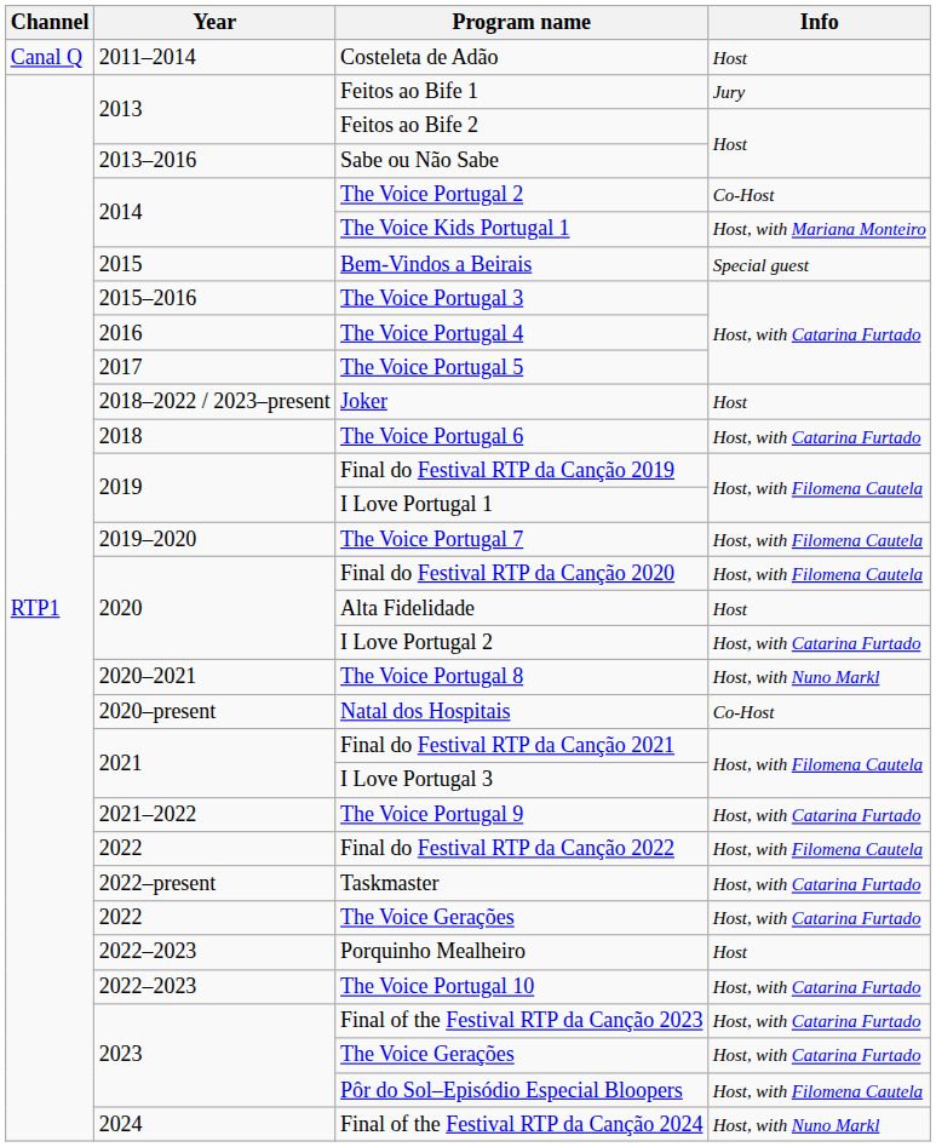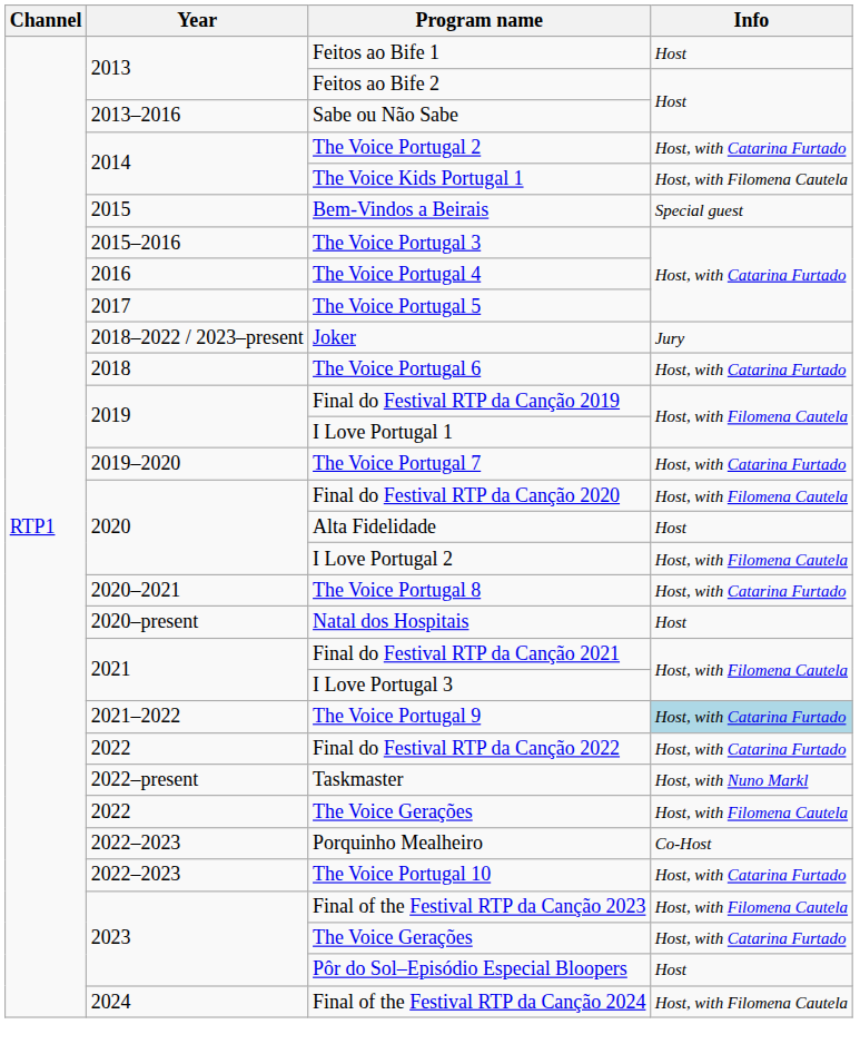 <table class="wikitable">
 <tr>
 <th>Channel</th>
 <th>Year</th>
 <th>Program name</th>
 <th>Info</th>
 </tr>
 <tr>
-<td><a href='#'>Canal Q</a></td>
-<td>2011–2014</td>
-<td>Costeleta de Adão</td>
-<td><em><small>Host</small></em></td>
-</tr>
-<tr>
 <td rowspan="31"><a href='#'>RTP1</a></td>
 <td rowspan="2">2013</td>
 <td>Feitos ao Bife 1</td>
-<td><em><small>Jury</small></em></td>
+<td><em><small>Host</small></em></td>
 </tr>
 <tr>
 <td>Feitos ao Bife 2</td>
 <td rowspan="2"><em><small>Host</small></em></td>
 </tr>
 <tr>
 <td>2013–2016</td>
 <td>Sabe ou Não Sabe</td>
 </tr>
 <tr>
 <td rowspan="2">2014</td>
 <td><a href='#'>The Voice Portugal 2</a></td>
-<td><em><small>Co-Host</small></em></td>
+<td><em><small>Host, with <a href='#'>Catarina Furtado</a></small></em></td>
 </tr>
 <tr>
 <td><a href='#'>The Voice Kids Portugal 1</a></td>
-<td><em><small>Host, with <a href='#'>Mariana Monteiro</a></small></em></td>
+<td><em><small>Host, with Filomena Cautela</small></em></td>
 </tr>
 <tr>
 <td>2015</td>
 <td><a href='#'>Bem-Vindos a Beirais</a></td>
 <td><em><small>Special guest</small></em></td>
 </tr>
 <tr>
 <td>2015–2016</td>
 <td><a href='#'>The Voice Portugal 3</a></td>
 <td rowspan="3"><em><small>Host, with <a href='#'>Catarina Furtado</a></small></em></td>
 </tr>
 <tr>
 <td>2016</td>
 <td><a href='#'>The Voice Portugal 4</a></td>
 </tr>
 <tr>
 <td>2017</td>
 <td><a href='#'>The Voice Portugal 5</a></td>
 </tr>
 <tr>
 <td>2018–2022 / 2023–present</td>
 <td><a href='#'>Joker</a></td>
-<td><em><small>Host</small></em></td>
+<td><em><small>Jury</small></em></td>
 </tr>
 <tr>
 <td>2018</td>
 <td><a href='#'>The Voice Portugal 6</a></td>
 <td><em><small>Host, with <a href='#'>Catarina Furtado</a></small></em></td>
 </tr>
 <tr>
 <td rowspan="2">2019</td>
 <td>Final do <a href='#'>Festival RTP da Canção 2019</a></td>
 <td rowspan="2"><em><small>Host, with <a href='#'>Filomena Cautela</a></small></em></td>
 </tr>
 <tr>
 <td>I Love Portugal 1</td>
 </tr>
 <tr>
 <td>2019–2020</td>
 <td><a href='#'>The Voice Portugal 7</a></td>
-<td><em><small>Host, with <a href='#'>Filomena Cautela</a></small></em></td>
+<td><em><small>Host, with <a href='#'>Catarina Furtado</a></small></em></td>
 </tr>
 <tr>
 <td rowspan="3">2020</td>
 <td>Final do <a href='#'>Festival RTP da Canção 2020</a></td>
 <td><em><small>Host, with <a href='#'>Filomena Cautela</a></small></em></td>
 </tr>
 <tr>
 <td>Alta Fidelidade</td>
 <td><em><small>Host</small></em></td>
 </tr>
 <tr>
 <td>I Love Portugal 2</td>
-<td><em><small>Host, with <a href='#'>Catarina Furtado</a></small></em></td>
+<td><em><small>Host, with <a href='#'>Filomena Cautela</a></small></em></td>
 </tr>
 <tr>
 <td>2020–2021</td>
 <td><a href='#'>The Voice Portugal 8</a></td>
-<td><em><small>Host, with <a href='#'>Nuno Markl</a></small></em></td>
+<td><em><small>Host, with <a href='#'>Catarina Furtado</a></small></em></td>
 </tr>
 <tr>
 <td>2020–present</td>
 <td><a href='#'>Natal dos Hospitais</a></td>
-<td><em><small>Co-Host</small></em></td>
+<td><em><small>Host</small></em></td>
 </tr>
 <tr>
 <td rowspan="2">2021</td>
 <td>Final do <a href='#'>Festival RTP da Canção 2021</a></td>
 <td rowspan="2'"><em><small>Host, with <a href='#'>Filomena Cautela</a></small></em></td>
 </tr>
 <tr>
 <td>I Love Portugal 3</td>
 </tr>
 <tr>
 <td>2021–2022</td>
 <td><a href='#'>The Voice Portugal 9</a></td>
-<td><em><small>Host, with <a href='#'>Catarina Furtado</a></small></em></td>
+<td style="background: lightblue;"><em><small>Host, with <a href='#'>Catarina Furtado</a></small></em></td>
 </tr>
 <tr>
 <td>2022</td>
 <td>Final do <a href='#'>Festival RTP da Canção 2022</a></td>
-<td><em><small>Host, with <a href='#'>Filomena Cautela</a></small></em></td>
+<td><em><small>Host, with <a href='#'>Catarina Furtado</a></small></em></td>
 </tr>
 <tr>
 <td>2022–present</td>
 <td>Taskmaster</td>
-<td><em><small>Host, with <a href='#'>Catarina Furtado</a></small></em></td>
+<td><em><small>Host, with <a href='#'>Nuno Markl</a></small></em></td>
 </tr>
 <tr>
 <td>2022</td>
 <td><a href='#'>The Voice Gerações</a></td>
-<td><em><small>Host, with <a href='#'>Catarina Furtado</a></small></em></td>
+<td><em><small>Host, with <a href='#'>Filomena Cautela</a></small></em></td>
 </tr>
 <tr>
 <td>2022–2023</td>
 <td>Porquinho Mealheiro</td>
-<td><em><small>Host</small></em></td>
+<td><em><small>Co-Host</small></em></td>
 </tr>
 <tr>
 <td>2022–2023</td>
 <td><a href='#'>The Voice Portugal 10</a></td>
 <td><em><small>Host, with <a href='#'>Catarina Furtado</a></small></em></td>
 </tr>
 <tr>
 <td rowspan="3">2023</td>
 <td>Final of the <a href='#'>Festival RTP da Canção 2023</a></td>
-<td><em><small>Host, with <a href='#'>Catarina Furtado</a></small></em></td>
+<td><em><small>Host, with <a href='#'>Filomena Cautela</a></small></em></td>
 </tr>
 <tr>
 <td><a href='#'>The Voice Gerações</a></td>
 <td><em><small>Host, with <a href='#'>Catarina Furtado</a></small></em></td>
 </tr>
 <tr>
 <td><a href='#'>Pôr do Sol–Episódio Especial Bloopers</a></td>
-<td><em><small>Host, with <a href='#'>Filomena Cautela</a></small></em></td>
+<td><em><small>Host</small></em></td>
 </tr>
 <tr>
 <td>2024</td>
 <td>Final of the <a href='#'>Festival RTP da Canção 2024</a></td>
-<td><em><small>Host, with <a href='#'>Nuno Markl</a></small></em></td>
+<td><em><small>Host, with Filomena Cautela</small></em></td>
 </tr>
 </table>
